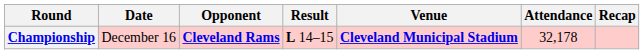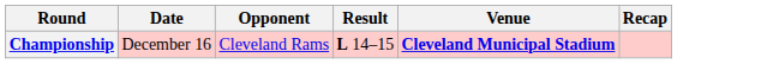 <table class="wikitable" style="text-align:center">
 <tr>
 <th>Round</th>
 <th>Date</th>
 <th>Opponent</th>
 <th>Result</th>
 <th>Venue</th>
-<th>Attendance</th>
 <th>Recap</th>
 </tr>
 <tr style="background:#fcc">
 <th><a href='#'>Championship</a></th>
 <td>December 16</td>
-<td><strong><a href='#'>Cleveland Rams</a></strong></td>
+<td><a href='#'>Cleveland Rams</a></td>
 <td><strong>L</strong> 14–15</td>
 <td><strong><a href='#'>Cleveland Municipal Stadium</a></strong></td>
-<td>32,178</td>
 <td></td>
 </tr>
 </table>
